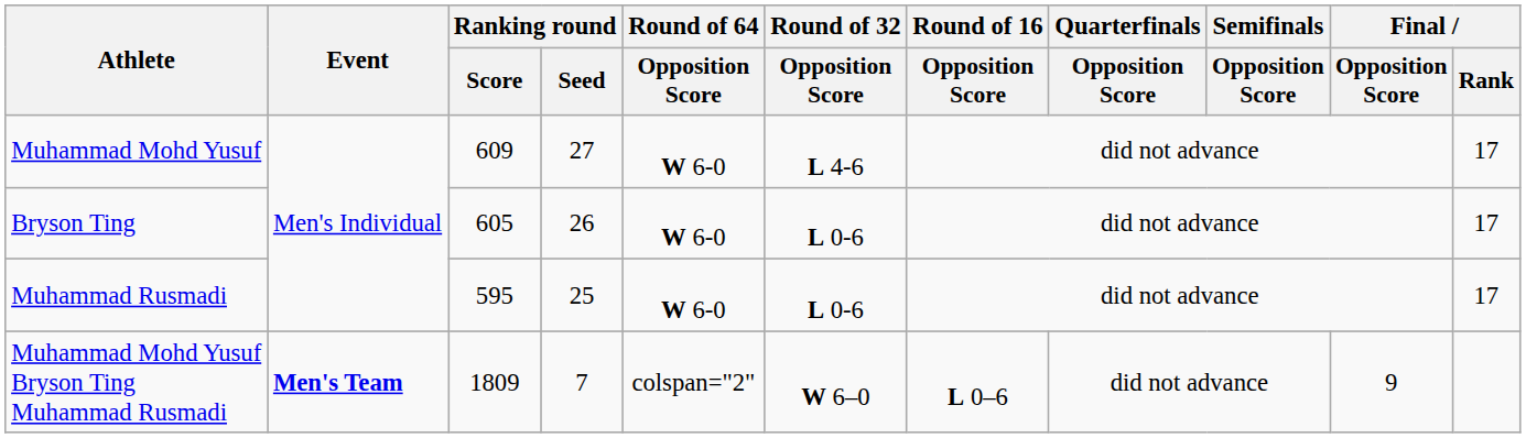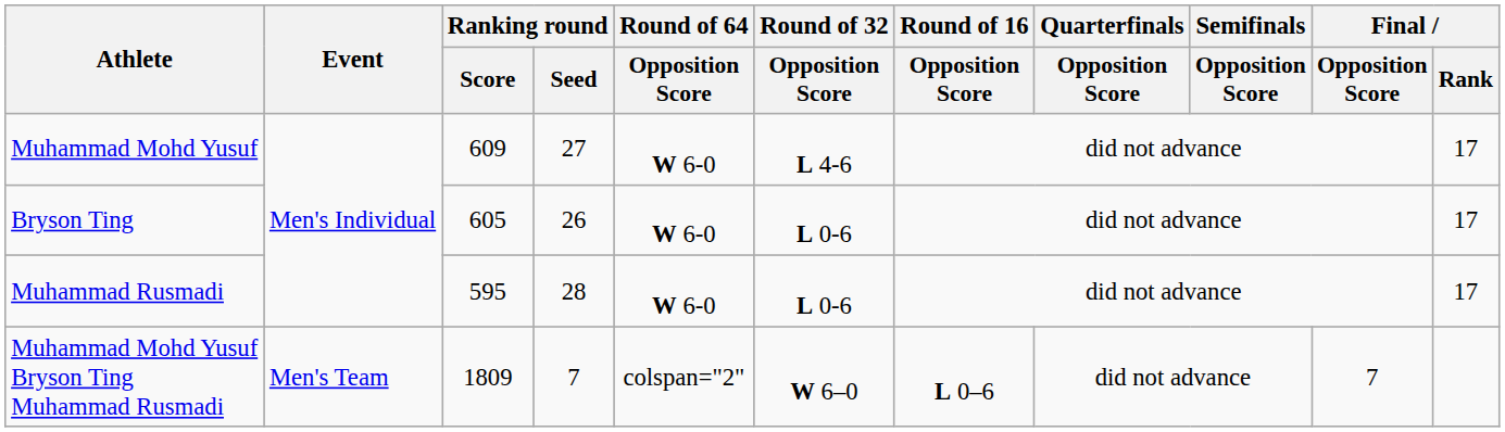 <table class=wikitable style=font-size:88%;text-align:center>
 <tr>
 <th rowspan=2>Athlete</th>
 <th rowspan=2>Event</th>
 <th colspan=2>Ranking round</th>
 <th>Round of 64</th>
 <th>Round of 32</th>
 <th>Round of 16</th>
 <th>Quarterfinals</th>
 <th>Semifinals</th>
 <th colspan=2>Final / </th>
 </tr>
 <tr style=font-size:95%>
 <th>Score</th>
 <th>Seed</th>
 <th>Opposition<br>Score</th>
 <th>Opposition<br>Score</th>
 <th>Opposition<br>Score</th>
 <th>Opposition<br>Score</th>
 <th>Opposition<br>Score</th>
 <th>Opposition<br>Score</th>
 <th>Rank</th>
 </tr>
 <tr>
 <td align=left><a href='#'>Muhammad Mohd Yusuf</a></td>
 <td align=left rowspan=3><a href='#'>Men's Individual</a></td>
 <td>609</td>
 <td>27</td>
 <td><br><strong>W</strong> 6-0</td>
 <td><br><strong>L</strong> 4-6</td>
 <td colspan="4">did not advance</td>
 <td>17</td>
 </tr>
 <tr>
 <td align=left><a href='#'>Bryson Ting</a></td>
 <td>605</td>
 <td>26</td>
 <td><br><strong>W</strong> 6-0</td>
 <td><br><strong>L</strong> 0-6</td>
 <td colspan="4">did not advance</td>
 <td>17</td>
 </tr>
 <tr>
 <td align=left><a href='#'>Muhammad Rusmadi</a></td>
 <td>595</td>
-<td>25</td>
+<td>28</td>
 <td><br><strong>W</strong> 6-0</td>
 <td><br><strong>L</strong> 0-6</td>
 <td colspan="4">did not advance</td>
 <td>17</td>
 </tr>
 <tr>
 <td align=left><a href='#'>Muhammad Mohd Yusuf</a><br><a href='#'>Bryson Ting</a><br><a href='#'>Muhammad Rusmadi</a></td>
-<td align=left><strong><a href='#'>Men's Team</a></strong></td>
+<td align=left><a href='#'>Men's Team</a></td>
 <td>1809</td>
 <td>7</td>
 <td>colspan="2" </td>
 <td><br><strong>W</strong> 6–0</td>
 <td><br><strong>L</strong> 0–6</td>
 <td colspan="2">did not advance</td>
-<td>9</td>
+<td>7</td>
 </tr>
 </table>
